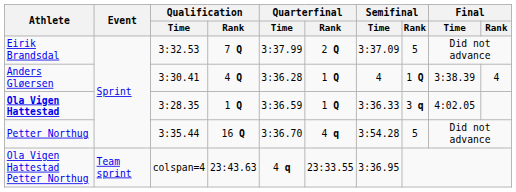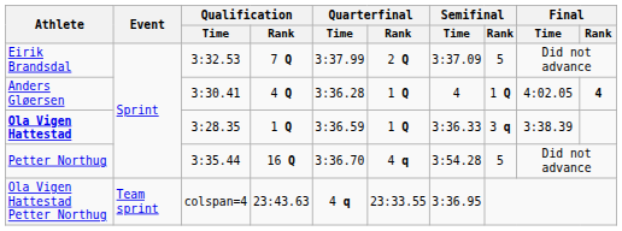 <table class="wikitable" style="font-size:90%">
 <tr>
 <th rowspan="2">Athlete</th>
 <th rowspan="2">Event</th>
 <th colspan="2">Qualification</th>
 <th colspan="2">Quarterfinal</th>
 <th colspan="2">Semifinal</th>
 <th colspan="2">Final</th>
 </tr>
 <tr style="font-size:95%">
 <th>Time</th>
 <th>Rank</th>
 <th>Time</th>
 <th>Rank</th>
 <th>Time</th>
 <th>Rank</th>
 <th>Time</th>
 <th>Rank</th>
 </tr>
 <tr align=center>
 <td align=left><a href='#'>Eirik Brandsdal</a></td>
 <td align=left rowspan=4><a href='#'>Sprint</a></td>
 <td>3:32.53</td>
 <td>7 <strong>Q</strong></td>
 <td>3:37.99</td>
 <td>2 <strong>Q</strong></td>
 <td>3:37.09</td>
 <td>5</td>
 <td colspan=2>Did not advance</td>
 </tr>
 <tr align=center>
 <td align=left><a href='#'>Anders Gløersen</a></td>
 <td>3:30.41</td>
 <td>4 <strong>Q</strong></td>
 <td>3:36.28</td>
 <td>1 <strong>Q</strong></td>
 <td>4</td>
 <td>1 <strong>Q</strong></td>
-<td>3:38.39</td>
-<td>4</td>
+<td>4:02.05</td>
+<td><strong>4</strong></td>
 </tr>
 <tr align=center>
 <td align=left><strong><a href='#'>Ola Vigen Hattestad</a></strong></td>
 <td>3:28.35</td>
 <td>1 <strong>Q</strong></td>
 <td>3:36.59</td>
 <td>1 <strong>Q</strong></td>
 <td>3:36.33</td>
 <td>3 <strong>q</strong></td>
-<td>4:02.05</td>
+<td>3:38.39</td>
 <td></td>
 </tr>
 <tr align=center>
 <td align=left><a href='#'>Petter Northug</a></td>
 <td>3:35.44</td>
 <td>16 <strong>Q</strong></td>
 <td>3:36.70</td>
 <td>4 <strong>q</strong></td>
 <td>3:54.28</td>
 <td>5</td>
 <td colspan=2>Did not advance</td>
 </tr>
 <tr align=center>
 <td align=left><a href='#'>Ola Vigen Hattestad</a><br><a href='#'>Petter Northug</a></td>
 <td align=left><a href='#'>Team sprint</a></td>
 <td>colspan=4 </td>
 <td>23:43.63</td>
 <td>4 <strong>q</strong></td>
 <td>23:33.55</td>
 <td>3:36.95</td>
 </tr>
 </table>
